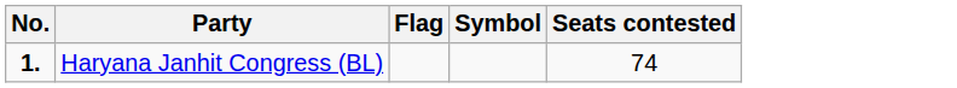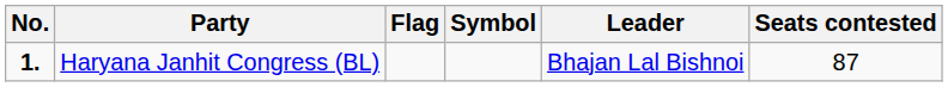 <table class="wikitable">
 <tr>
 <th>No.</th>
 <th>Party</th>
 <th>Flag</th>
 <th>Symbol</th>
+<th>Leader</th>
 <th>Seats contested</th>
 </tr>
 <tr>
 <td ! style="text-align:center; background:"><strong>1.</strong></td>
 <td style="text-align:center"><a href='#'>Haryana Janhit Congress (BL)</a></td>
 <td></td>
 <td></td>
-<td style="text-align:center">74</td>
+<td style="text-align:center"><a href='#'>Bhajan Lal Bishnoi</a></td>
+<td style="text-align:center">87</td>
 </tr>
 </table>
